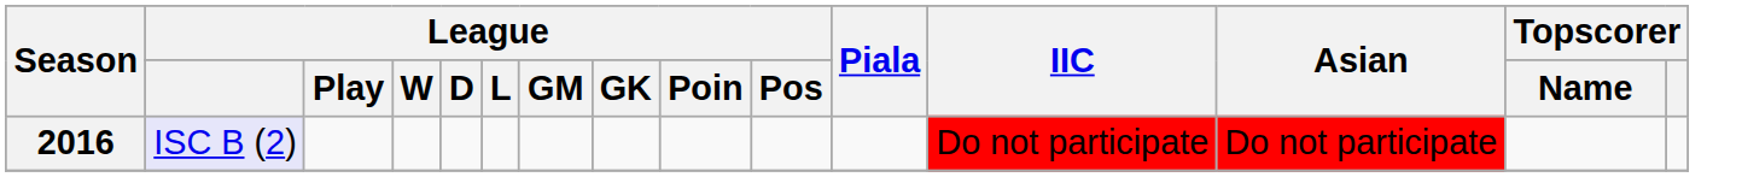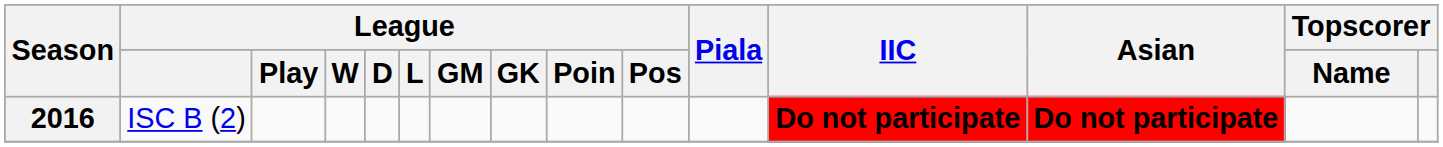 <table class="wikitable" style="text-align: center">
 <tr>
 <th rowspan=2>Season</th>
 <th colspan=9>League</th>
 <th rowspan=2><a href='#'>Piala</a></th>
 <th rowspan=2><a href='#'>IIC</a></th>
 <th rowspan=2>Asian</th>
 <th colspan=2>Topscorer</th>
 </tr>
 <tr>
 <th></th>
 <th>Play</th>
 <th>W</th>
 <th>D</th>
 <th>L</th>
 <th>GM</th>
 <th>GK</th>
 <th>Poin</th>
 <th>Pos</th>
 <th>Name</th>
 <th></th>
 </tr>
 <tr>
 <th>2016</th>
-<td style="background: lavender;"><a href='#'>ISC B</a> (<a href='#'>2</a>)</td>
+<td><a href='#'>ISC B</a> (<a href='#'>2</a>)</td>
 <td></td>
 <td></td>
 <td></td>
 <td></td>
 <td></td>
 <td></td>
 <td></td>
 <td></td>
 <td></td>
-<td bgcolor=red>Do not participate</td>
-<td bgcolor=red>Do not participate</td>
+<td bgcolor=red><strong>Do not participate</strong></td>
+<td bgcolor=red><strong>Do not participate</strong></td>
 <td></td>
 <td></td>
 </tr>
 <tr>
 </tr>
 </table>
